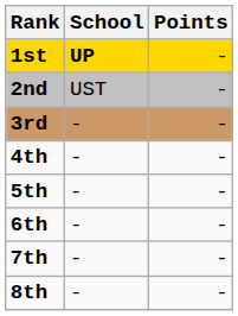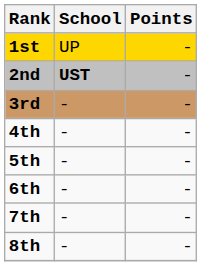 <table class="wikitable">
 <tr>
 <th>Rank</th>
 <th>School</th>
 <th>Points</th>
 </tr>
 <tr bgcolor="gold">
 <td><strong>1st</strong></td>
-<td><strong> UP</strong></td>
+<td> UP</td>
 <td align=right>-</td>
 </tr>
 <tr bgcolor=#C0C0C0>
 <td><strong>2nd</strong></td>
-<td> UST</td>
+<td><strong> UST</strong></td>
 <td align=right>-</td>
 </tr>
 <tr bgcolor=#CC9966>
 <td><strong>3rd</strong></td>
 <td>-</td>
 <td align=right>-</td>
 </tr>
 <tr>
 <td><strong>4th</strong></td>
 <td>-</td>
 <td align=right>-</td>
 </tr>
 <tr>
 <td><strong>5th</strong></td>
 <td>-</td>
 <td align=right>-</td>
 </tr>
 <tr>
 <td><strong>6th</strong></td>
 <td>-</td>
 <td align=right>-</td>
 </tr>
 <tr>
 <td><strong>7th</strong></td>
 <td>-</td>
 <td align=right>-</td>
 </tr>
 <tr>
 <td><strong>8th</strong></td>
 <td>-</td>
 <td align=right>-</td>
 </tr>
 <tr>
 </tr>
 </table>
